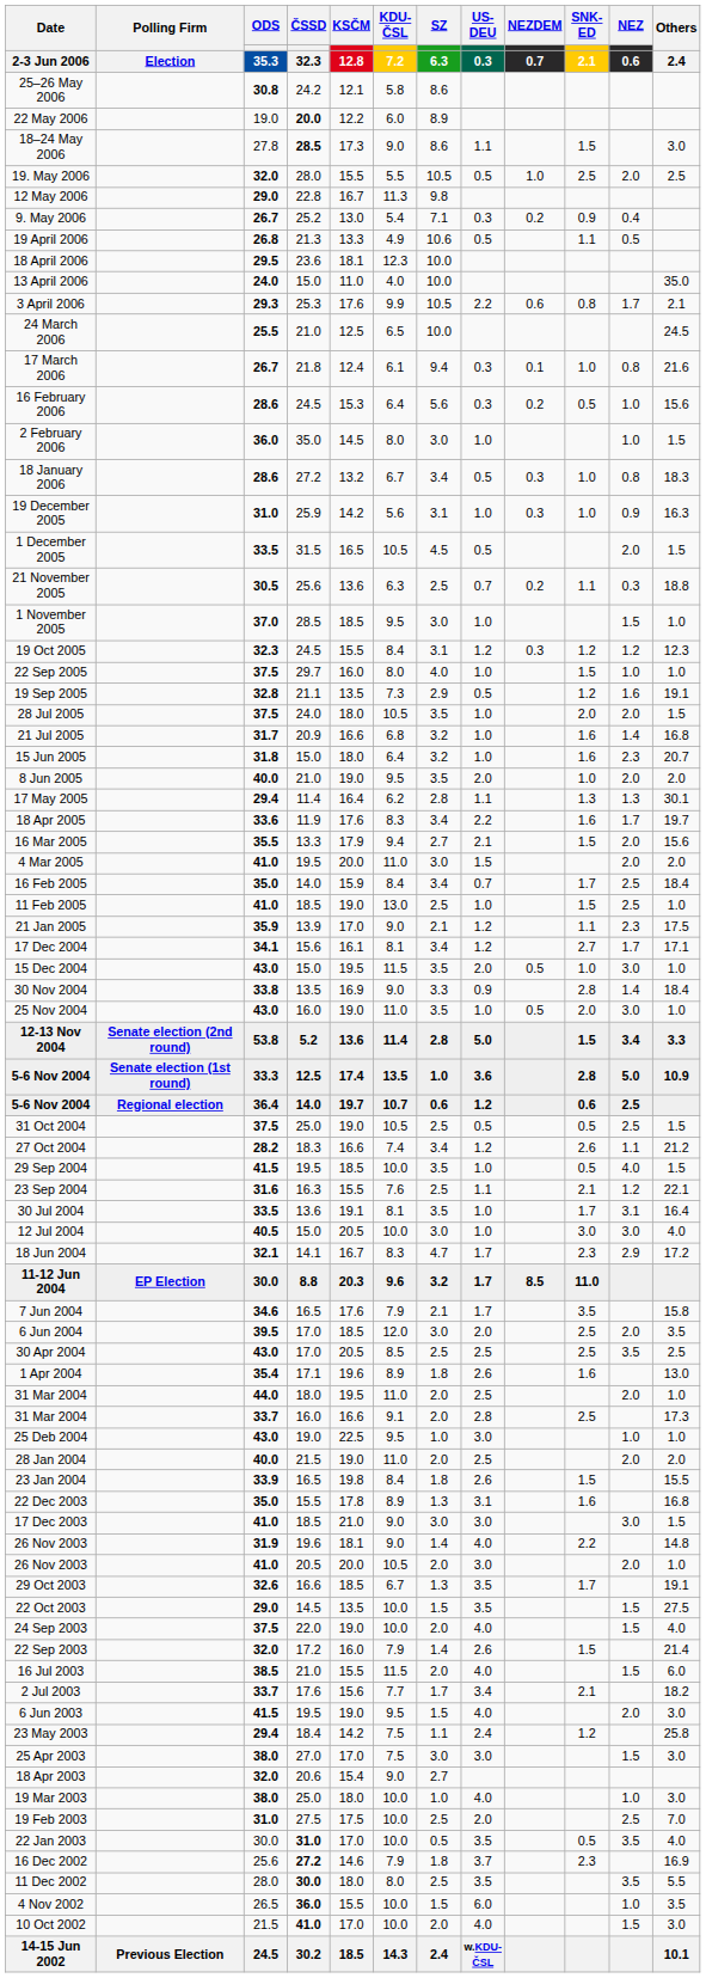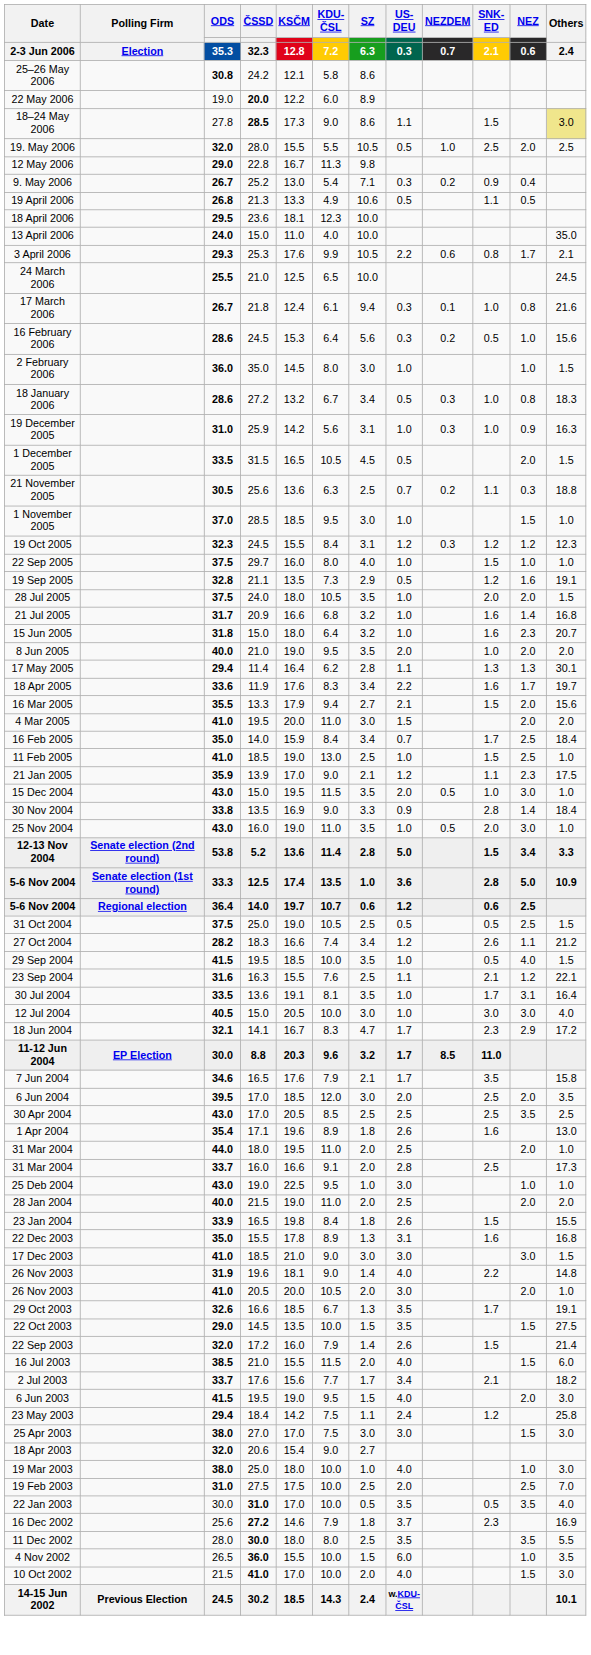 <table class="wikitable" style="text-align:center; font-size:85%; line-height:16px;">
 <tr style="height:42px;">
 <th style="width:90px;" rowspan="2">Date</th>
 <th style="width:150px;" rowspan="2">Polling Firm</th>
 <th><a href='#'><span>ODS</span></a></th>
 <th><a href='#'><span>ČSSD</span></a></th>
 <th><a href='#'><span>KSČM</span></a></th>
 <th><a href='#'><span>KDU-ČSL</span></a></th>
 <th><a href='#'><span>SZ</span></a></th>
 <th><a href='#'><span>US-DEU</span></a></th>
 <th><a href='#'><span>NEZDEM</span></a></th>
 <th><a href='#'><span>SNK-ED</span></a></th>
 <th><a href='#'><span>NEZ</span></a></th>
 <th style="width:40px;" rowspan="2">Others</th>
 </tr>
 <tr>
 <th class="unsortable" style="color:inherit;background:"></th>
 <th class="unsortable" style="color:inherit;background:"></th>
 <th style="color:inherit;background:#E00219; width:40px;"></th>
 <th style="color:inherit;background:#FFCB03; width:40px;"></th>
 <th style="color:inherit;background:#179E1E; width:40px;"></th>
 <th style="color:inherit;background:#00654E; width:40px;"></th>
 <th style="color:inherit;background:#292829; width:40px;"></th>
 <th style="color:inherit;background:#FFCB03; width:40px;"></th>
 <th style="color:inherit;background:#292829; width:40px;"></th>
 </tr>
 <tr>
 <th><strong>2-3 Jun 2006</strong></th>
 <th><strong><a href='#'>Election</a></strong></th>
 <th style="background:#034EA2; width:40px;color:white;"><strong>35.3</strong></th>
 <th style="background:">32.3</th>
 <th style="background:#E00219; width:40px;color:white;">12.8</th>
 <th style="background:#FFCB03; width:40px;color:white;">7.2</th>
 <th style="background:#179E1E; width:40px;color:white;">6.3</th>
 <th style="background:#00654E; width:40px;color:white;">0.3</th>
 <th style="background:#292829; width:40px;color:white;">0.7</th>
 <th style="background:#FFCB03; width:40px;color:white;">2.1</th>
 <th style="background:#292829; width:40px;color:white;">0.6</th>
 <th>2.4</th>
 </tr>
 <tr>
 <td>25–26 May 2006</td>
 <td></td>
 <td><strong>30.8</strong></td>
 <td>24.2</td>
 <td>12.1</td>
 <td>5.8</td>
 <td>8.6</td>
 <td></td>
 <td></td>
 <td></td>
 <td></td>
 <td></td>
 </tr>
 <tr>
 <td>22 May 2006</td>
 <td></td>
 <td>19.0</td>
 <td><strong>20.0</strong></td>
 <td>12.2</td>
 <td>6.0</td>
 <td>8.9</td>
 <td></td>
 <td></td>
 <td></td>
 <td></td>
 <td></td>
 </tr>
 <tr>
 <td>18–24 May 2006</td>
 <td></td>
 <td>27.8</td>
 <td><strong>28.5</strong></td>
 <td>17.3</td>
 <td>9.0</td>
 <td>8.6</td>
 <td>1.1</td>
 <td></td>
 <td>1.5</td>
 <td></td>
-<td>3.0</td>
+<td style="background: khaki;">3.0</td>
 </tr>
 <tr>
 <td>19. May 2006</td>
 <td></td>
 <td><strong>32.0</strong></td>
 <td>28.0</td>
 <td>15.5</td>
 <td>5.5</td>
 <td>10.5</td>
 <td>0.5</td>
 <td>1.0</td>
 <td>2.5</td>
 <td>2.0</td>
 <td>2.5</td>
 </tr>
 <tr>
 <td>12 May 2006</td>
 <td></td>
 <td><strong>29.0</strong></td>
 <td>22.8</td>
 <td>16.7</td>
 <td>11.3</td>
 <td>9.8</td>
 <td></td>
 <td></td>
 <td></td>
 <td></td>
 <td></td>
 </tr>
 <tr>
 <td>9. May 2006</td>
 <td></td>
 <td><strong>26.7</strong></td>
 <td>25.2</td>
 <td>13.0</td>
 <td>5.4</td>
 <td>7.1</td>
 <td>0.3</td>
 <td>0.2</td>
 <td>0.9</td>
 <td>0.4</td>
 <td></td>
 </tr>
 <tr>
 <td>19 April 2006</td>
 <td></td>
 <td><strong>26.8</strong></td>
 <td>21.3</td>
 <td>13.3</td>
 <td>4.9</td>
 <td>10.6</td>
 <td>0.5</td>
 <td></td>
 <td>1.1</td>
 <td>0.5</td>
 <td></td>
 </tr>
 <tr>
 <td>18 April 2006</td>
 <td></td>
 <td><strong>29.5</strong></td>
 <td>23.6</td>
 <td>18.1</td>
 <td>12.3</td>
 <td>10.0</td>
 <td></td>
 <td></td>
 <td></td>
 <td></td>
 <td></td>
 </tr>
 <tr>
 <td>13 April 2006</td>
 <td></td>
 <td><strong>24.0</strong></td>
 <td>15.0</td>
 <td>11.0</td>
 <td>4.0</td>
 <td>10.0</td>
 <td></td>
 <td></td>
 <td></td>
 <td></td>
 <td>35.0</td>
 </tr>
 <tr>
 <td>3 April 2006</td>
 <td></td>
 <td><strong>29.3</strong></td>
 <td>25.3</td>
 <td>17.6</td>
 <td>9.9</td>
 <td>10.5</td>
 <td>2.2</td>
 <td>0.6</td>
 <td>0.8</td>
 <td>1.7</td>
 <td>2.1</td>
 </tr>
 <tr>
 <td>24 March 2006</td>
 <td></td>
 <td><strong>25.5</strong></td>
 <td>21.0</td>
 <td>12.5</td>
 <td>6.5</td>
 <td>10.0</td>
 <td></td>
 <td></td>
 <td></td>
 <td></td>
 <td>24.5</td>
 </tr>
 <tr>
 <td>17 March 2006</td>
 <td></td>
 <td><strong>26.7</strong></td>
 <td>21.8</td>
 <td>12.4</td>
 <td>6.1</td>
 <td>9.4</td>
 <td>0.3</td>
 <td>0.1</td>
 <td>1.0</td>
 <td>0.8</td>
 <td>21.6</td>
 </tr>
 <tr>
 <td>16 February 2006</td>
 <td></td>
 <td><strong>28.6</strong></td>
 <td>24.5</td>
 <td>15.3</td>
 <td>6.4</td>
 <td>5.6</td>
 <td>0.3</td>
 <td>0.2</td>
 <td>0.5</td>
 <td>1.0</td>
 <td>15.6</td>
 </tr>
 <tr>
 <td>2 February 2006</td>
 <td></td>
 <td><strong>36.0</strong></td>
 <td>35.0</td>
 <td>14.5</td>
 <td>8.0</td>
 <td>3.0</td>
 <td>1.0</td>
 <td></td>
 <td></td>
 <td>1.0</td>
 <td>1.5</td>
 </tr>
 <tr>
 <td>18 January 2006</td>
 <td></td>
 <td><strong>28.6</strong></td>
 <td>27.2</td>
 <td>13.2</td>
 <td>6.7</td>
 <td>3.4</td>
 <td>0.5</td>
 <td>0.3</td>
 <td>1.0</td>
 <td>0.8</td>
 <td>18.3</td>
 </tr>
 <tr>
 <td>19 December 2005</td>
 <td></td>
 <td><strong>31.0</strong></td>
 <td>25.9</td>
 <td>14.2</td>
 <td>5.6</td>
 <td>3.1</td>
 <td>1.0</td>
 <td>0.3</td>
 <td>1.0</td>
 <td>0.9</td>
 <td>16.3</td>
 </tr>
 <tr>
 <td>1 December 2005</td>
 <td></td>
 <td><strong>33.5</strong></td>
 <td>31.5</td>
 <td>16.5</td>
 <td>10.5</td>
 <td>4.5</td>
 <td>0.5</td>
 <td></td>
 <td></td>
 <td>2.0</td>
 <td>1.5</td>
 </tr>
 <tr>
 <td>21 November 2005</td>
 <td></td>
 <td><strong>30.5</strong></td>
 <td>25.6</td>
 <td>13.6</td>
 <td>6.3</td>
 <td>2.5</td>
 <td>0.7</td>
 <td>0.2</td>
 <td>1.1</td>
 <td>0.3</td>
 <td>18.8</td>
 </tr>
 <tr>
 <td>1 November 2005</td>
 <td></td>
 <td><strong>37.0</strong></td>
 <td>28.5</td>
 <td>18.5</td>
 <td>9.5</td>
 <td>3.0</td>
 <td>1.0</td>
 <td></td>
 <td></td>
 <td>1.5</td>
 <td>1.0</td>
 </tr>
 <tr>
 <td>19 Oct 2005</td>
 <td></td>
 <td><strong>32.3</strong></td>
 <td>24.5</td>
 <td>15.5</td>
 <td>8.4</td>
 <td>3.1</td>
 <td>1.2</td>
 <td>0.3</td>
 <td>1.2</td>
 <td>1.2</td>
 <td>12.3</td>
 </tr>
 <tr>
 <td>22 Sep 2005</td>
 <td></td>
 <td><strong>37.5</strong></td>
 <td>29.7</td>
 <td>16.0</td>
 <td>8.0</td>
 <td>4.0</td>
 <td>1.0</td>
 <td></td>
 <td>1.5</td>
 <td>1.0</td>
 <td>1.0</td>
 </tr>
 <tr>
 <td>19 Sep 2005</td>
 <td></td>
 <td><strong>32.8</strong></td>
 <td>21.1</td>
 <td>13.5</td>
 <td>7.3</td>
 <td>2.9</td>
 <td>0.5</td>
 <td></td>
 <td>1.2</td>
 <td>1.6</td>
 <td>19.1</td>
 </tr>
 <tr>
 <td>28 Jul 2005</td>
 <td></td>
 <td><strong>37.5</strong></td>
 <td>24.0</td>
 <td>18.0</td>
 <td>10.5</td>
 <td>3.5</td>
 <td>1.0</td>
 <td></td>
 <td>2.0</td>
 <td>2.0</td>
 <td>1.5</td>
 </tr>
 <tr>
 <td>21 Jul 2005</td>
 <td></td>
 <td><strong>31.7</strong></td>
 <td>20.9</td>
 <td>16.6</td>
 <td>6.8</td>
 <td>3.2</td>
 <td>1.0</td>
 <td></td>
 <td>1.6</td>
 <td>1.4</td>
 <td>16.8</td>
 </tr>
 <tr>
 <td>15 Jun 2005</td>
 <td></td>
 <td><strong>31.8</strong></td>
 <td>15.0</td>
 <td>18.0</td>
 <td>6.4</td>
 <td>3.2</td>
 <td>1.0</td>
 <td></td>
 <td>1.6</td>
 <td>2.3</td>
 <td>20.7</td>
 </tr>
 <tr>
 <td>8 Jun 2005</td>
 <td></td>
 <td><strong>40.0</strong></td>
 <td>21.0</td>
 <td>19.0</td>
 <td>9.5</td>
 <td>3.5</td>
 <td>2.0</td>
 <td></td>
 <td>1.0</td>
 <td>2.0</td>
 <td>2.0</td>
 </tr>
 <tr>
 <td>17 May 2005</td>
 <td></td>
 <td><strong>29.4</strong></td>
 <td>11.4</td>
 <td>16.4</td>
 <td>6.2</td>
 <td>2.8</td>
 <td>1.1</td>
 <td></td>
 <td>1.3</td>
 <td>1.3</td>
 <td>30.1</td>
 </tr>
 <tr>
 <td>18 Apr 2005</td>
 <td></td>
 <td><strong>33.6</strong></td>
 <td>11.9</td>
 <td>17.6</td>
 <td>8.3</td>
 <td>3.4</td>
 <td>2.2</td>
 <td></td>
 <td>1.6</td>
 <td>1.7</td>
 <td>19.7</td>
 </tr>
 <tr>
 <td>16 Mar 2005</td>
 <td></td>
 <td><strong>35.5</strong></td>
 <td>13.3</td>
 <td>17.9</td>
 <td>9.4</td>
 <td>2.7</td>
 <td>2.1</td>
 <td></td>
 <td>1.5</td>
 <td>2.0</td>
 <td>15.6</td>
 </tr>
 <tr>
 <td>4 Mar 2005</td>
 <td></td>
 <td><strong>41.0</strong></td>
 <td>19.5</td>
 <td>20.0</td>
 <td>11.0</td>
 <td>3.0</td>
 <td>1.5</td>
 <td></td>
 <td></td>
 <td>2.0</td>
 <td>2.0</td>
 </tr>
 <tr>
 <td>16 Feb 2005</td>
 <td></td>
 <td><strong>35.0</strong></td>
 <td>14.0</td>
 <td>15.9</td>
 <td>8.4</td>
 <td>3.4</td>
 <td>0.7</td>
 <td></td>
 <td>1.7</td>
 <td>2.5</td>
 <td>18.4</td>
 </tr>
 <tr>
 <td>11 Feb 2005</td>
 <td></td>
 <td><strong>41.0</strong></td>
 <td>18.5</td>
 <td>19.0</td>
 <td>13.0</td>
 <td>2.5</td>
 <td>1.0</td>
 <td></td>
 <td>1.5</td>
 <td>2.5</td>
 <td>1.0</td>
 </tr>
 <tr>
 <td>21 Jan 2005</td>
 <td></td>
 <td><strong>35.9</strong></td>
 <td>13.9</td>
 <td>17.0</td>
 <td>9.0</td>
 <td>2.1</td>
 <td>1.2</td>
 <td></td>
 <td>1.1</td>
 <td>2.3</td>
 <td>17.5</td>
 </tr>
 <tr>
-<td>17 Dec 2004</td>
-<td></td>
-<td><strong>34.1</strong></td>
-<td>15.6</td>
-<td>16.1</td>
-<td>8.1</td>
-<td>3.4</td>
-<td>1.2</td>
-<td></td>
-<td>2.7</td>
-<td>1.7</td>
-<td>17.1</td>
-</tr>
-<tr>
 <td>15 Dec 2004</td>
 <td></td>
 <td><strong>43.0</strong></td>
 <td>15.0</td>
 <td>19.5</td>
 <td>11.5</td>
 <td>3.5</td>
 <td>2.0</td>
 <td>0.5</td>
 <td>1.0</td>
 <td>3.0</td>
 <td>1.0</td>
 </tr>
 <tr>
 <td>30 Nov 2004</td>
 <td></td>
 <td><strong>33.8</strong></td>
 <td>13.5</td>
 <td>16.9</td>
 <td>9.0</td>
 <td>3.3</td>
 <td>0.9</td>
 <td></td>
 <td>2.8</td>
 <td>1.4</td>
 <td>18.4</td>
 </tr>
 <tr>
 <td>25 Nov 2004</td>
 <td></td>
 <td><strong>43.0</strong></td>
 <td>16.0</td>
 <td>19.0</td>
 <td>11.0</td>
 <td>3.5</td>
 <td>1.0</td>
 <td>0.5</td>
 <td>2.0</td>
 <td>3.0</td>
 <td>1.0</td>
 </tr>
 <tr style="background:#EFEFEF; font-weight:bold;">
 <td>12-13 Nov 2004</td>
 <td><a href='#'>Senate election (2nd round)</a></td>
 <td><strong>53.8</strong></td>
 <td>5.2</td>
 <td>13.6</td>
 <td>11.4</td>
 <td>2.8</td>
 <td>5.0</td>
 <td></td>
 <td>1.5</td>
 <td>3.4</td>
 <td>3.3</td>
 </tr>
 <tr style="background:#EFEFEF; font-weight:bold;">
 <td>5-6 Nov 2004</td>
 <td><a href='#'>Senate election (1st round)</a></td>
 <td><strong>33.3</strong></td>
 <td>12.5</td>
 <td>17.4</td>
 <td>13.5</td>
 <td>1.0</td>
 <td>3.6</td>
 <td></td>
 <td>2.8</td>
 <td>5.0</td>
 <td>10.9</td>
 </tr>
 <tr style="background:#EFEFEF; font-weight:bold;">
 <td>5-6 Nov 2004</td>
 <td><a href='#'>Regional election</a></td>
 <td><strong>36.4</strong></td>
 <td>14.0</td>
 <td>19.7</td>
 <td>10.7</td>
 <td>0.6</td>
 <td>1.2</td>
 <td></td>
 <td>0.6</td>
 <td>2.5</td>
 <td></td>
 </tr>
 <tr>
 <td>31 Oct 2004</td>
 <td></td>
 <td><strong>37.5</strong></td>
 <td>25.0</td>
 <td>19.0</td>
 <td>10.5</td>
 <td>2.5</td>
 <td>0.5</td>
 <td></td>
 <td>0.5</td>
 <td>2.5</td>
 <td>1.5</td>
 </tr>
 <tr>
 <td>27 Oct 2004</td>
 <td></td>
 <td><strong>28.2</strong></td>
 <td>18.3</td>
 <td>16.6</td>
 <td>7.4</td>
 <td>3.4</td>
 <td>1.2</td>
 <td></td>
 <td>2.6</td>
 <td>1.1</td>
 <td>21.2</td>
 </tr>
 <tr>
 <td>29 Sep 2004</td>
 <td></td>
 <td><strong>41.5</strong></td>
 <td>19.5</td>
 <td>18.5</td>
 <td>10.0</td>
 <td>3.5</td>
 <td>1.0</td>
 <td></td>
 <td>0.5</td>
 <td>4.0</td>
 <td>1.5</td>
 </tr>
 <tr>
 <td>23 Sep 2004</td>
 <td></td>
 <td><strong>31.6</strong></td>
 <td>16.3</td>
 <td>15.5</td>
 <td>7.6</td>
 <td>2.5</td>
 <td>1.1</td>
 <td></td>
 <td>2.1</td>
 <td>1.2</td>
 <td>22.1</td>
 </tr>
 <tr>
 <td>30 Jul 2004</td>
 <td></td>
 <td><strong>33.5</strong></td>
 <td>13.6</td>
 <td>19.1</td>
 <td>8.1</td>
 <td>3.5</td>
 <td>1.0</td>
 <td></td>
 <td>1.7</td>
 <td>3.1</td>
 <td>16.4</td>
 </tr>
 <tr>
 <td>12 Jul 2004</td>
 <td></td>
 <td><strong>40.5</strong></td>
 <td>15.0</td>
 <td>20.5</td>
 <td>10.0</td>
 <td>3.0</td>
 <td>1.0</td>
 <td></td>
 <td>3.0</td>
 <td>3.0</td>
 <td>4.0</td>
 </tr>
 <tr>
 <td>18 Jun 2004</td>
 <td></td>
 <td><strong>32.1</strong></td>
 <td>14.1</td>
 <td>16.7</td>
 <td>8.3</td>
 <td>4.7</td>
 <td>1.7</td>
 <td></td>
 <td>2.3</td>
 <td>2.9</td>
 <td>17.2</td>
 </tr>
 <tr style="background:#EFEFEF; font-weight:bold;">
 <td>11-12 Jun 2004</td>
 <td><a href='#'>EP Election</a></td>
 <td><strong>30.0</strong></td>
 <td>8.8</td>
 <td>20.3</td>
 <td>9.6</td>
 <td>3.2</td>
 <td>1.7</td>
 <td>8.5</td>
 <td>11.0</td>
 <td></td>
 <td></td>
 </tr>
 <tr>
 <td>7 Jun 2004</td>
 <td></td>
 <td><strong>34.6</strong></td>
 <td>16.5</td>
 <td>17.6</td>
 <td>7.9</td>
 <td>2.1</td>
 <td>1.7</td>
 <td></td>
 <td>3.5</td>
 <td></td>
 <td>15.8</td>
 </tr>
 <tr>
 <td>6 Jun 2004</td>
 <td></td>
 <td><strong>39.5</strong></td>
 <td>17.0</td>
 <td>18.5</td>
 <td>12.0</td>
 <td>3.0</td>
 <td>2.0</td>
 <td></td>
 <td>2.5</td>
 <td>2.0</td>
 <td>3.5</td>
 </tr>
 <tr>
 <td>30 Apr 2004</td>
 <td></td>
 <td><strong>43.0</strong></td>
 <td>17.0</td>
 <td>20.5</td>
 <td>8.5</td>
 <td>2.5</td>
 <td>2.5</td>
 <td></td>
 <td>2.5</td>
 <td>3.5</td>
 <td>2.5</td>
 </tr>
 <tr>
 <td>1 Apr 2004</td>
 <td></td>
 <td><strong>35.4</strong></td>
 <td>17.1</td>
 <td>19.6</td>
 <td>8.9</td>
 <td>1.8</td>
 <td>2.6</td>
 <td></td>
 <td>1.6</td>
 <td></td>
 <td>13.0</td>
 </tr>
 <tr>
 <td>31 Mar 2004</td>
 <td></td>
 <td><strong>44.0</strong></td>
 <td>18.0</td>
 <td>19.5</td>
 <td>11.0</td>
 <td>2.0</td>
 <td>2.5</td>
 <td></td>
 <td></td>
 <td>2.0</td>
 <td>1.0</td>
 </tr>
 <tr>
 <td>31 Mar 2004</td>
 <td></td>
 <td><strong>33.7</strong></td>
 <td>16.0</td>
 <td>16.6</td>
 <td>9.1</td>
 <td>2.0</td>
 <td>2.8</td>
 <td></td>
 <td>2.5</td>
 <td></td>
 <td>17.3</td>
 </tr>
 <tr>
 <td>25 Deb 2004</td>
 <td></td>
 <td><strong>43.0</strong></td>
 <td>19.0</td>
 <td>22.5</td>
 <td>9.5</td>
 <td>1.0</td>
 <td>3.0</td>
 <td></td>
 <td></td>
 <td>1.0</td>
 <td>1.0</td>
 </tr>
 <tr>
 <td>28 Jan 2004</td>
 <td></td>
 <td><strong>40.0</strong></td>
 <td>21.5</td>
 <td>19.0</td>
 <td>11.0</td>
 <td>2.0</td>
 <td>2.5</td>
 <td></td>
 <td></td>
 <td>2.0</td>
 <td>2.0</td>
 </tr>
 <tr>
 <td>23 Jan 2004</td>
 <td></td>
 <td><strong>33.9</strong></td>
 <td>16.5</td>
 <td>19.8</td>
 <td>8.4</td>
 <td>1.8</td>
 <td>2.6</td>
 <td></td>
 <td>1.5</td>
 <td></td>
 <td>15.5</td>
 </tr>
 <tr>
 <td>22 Dec 2003</td>
 <td></td>
 <td><strong>35.0</strong></td>
 <td>15.5</td>
 <td>17.8</td>
 <td>8.9</td>
 <td>1.3</td>
 <td>3.1</td>
 <td></td>
 <td>1.6</td>
 <td></td>
 <td>16.8</td>
 </tr>
 <tr>
 <td>17 Dec 2003</td>
 <td></td>
 <td><strong>41.0</strong></td>
 <td>18.5</td>
 <td>21.0</td>
 <td>9.0</td>
 <td>3.0</td>
 <td>3.0</td>
 <td></td>
 <td></td>
 <td>3.0</td>
 <td>1.5</td>
 </tr>
 <tr>
 <td>26 Nov 2003</td>
 <td></td>
 <td><strong>31.9</strong></td>
 <td>19.6</td>
 <td>18.1</td>
 <td>9.0</td>
 <td>1.4</td>
 <td>4.0</td>
 <td></td>
 <td>2.2</td>
 <td></td>
 <td>14.8</td>
 </tr>
 <tr>
 <td>26 Nov 2003</td>
 <td></td>
 <td><strong>41.0</strong></td>
 <td>20.5</td>
 <td>20.0</td>
 <td>10.5</td>
 <td>2.0</td>
 <td>3.0</td>
 <td></td>
 <td></td>
 <td>2.0</td>
 <td>1.0</td>
 </tr>
 <tr>
 <td>29 Oct 2003</td>
 <td></td>
 <td><strong>32.6</strong></td>
 <td>16.6</td>
 <td>18.5</td>
 <td>6.7</td>
 <td>1.3</td>
 <td>3.5</td>
 <td></td>
 <td>1.7</td>
 <td></td>
 <td>19.1</td>
 </tr>
 <tr>
 <td>22 Oct 2003</td>
 <td></td>
 <td><strong>29.0</strong></td>
 <td>14.5</td>
 <td>13.5</td>
 <td>10.0</td>
 <td>1.5</td>
 <td>3.5</td>
 <td></td>
 <td></td>
 <td>1.5</td>
 <td>27.5</td>
 </tr>
 <tr>
-<td>24 Sep 2003</td>
-<td></td>
-<td><strong>37.5</strong></td>
-<td>22.0</td>
-<td>19.0</td>
-<td>10.0</td>
-<td>2.0</td>
-<td>4.0</td>
-<td></td>
-<td></td>
-<td>1.5</td>
-<td>4.0</td>
-</tr>
-<tr>
 <td>22 Sep 2003</td>
 <td></td>
 <td><strong>32.0</strong></td>
 <td>17.2</td>
 <td>16.0</td>
 <td>7.9</td>
 <td>1.4</td>
 <td>2.6</td>
 <td></td>
 <td>1.5</td>
 <td></td>
 <td>21.4</td>
 </tr>
 <tr>
 <td>16 Jul 2003</td>
 <td></td>
 <td><strong>38.5</strong></td>
 <td>21.0</td>
 <td>15.5</td>
 <td>11.5</td>
 <td>2.0</td>
 <td>4.0</td>
 <td></td>
 <td></td>
 <td>1.5</td>
 <td>6.0</td>
 </tr>
 <tr>
 <td>2 Jul 2003</td>
 <td></td>
 <td><strong>33.7</strong></td>
 <td>17.6</td>
 <td>15.6</td>
 <td>7.7</td>
 <td>1.7</td>
 <td>3.4</td>
 <td></td>
 <td>2.1</td>
 <td></td>
 <td>18.2</td>
 </tr>
 <tr>
 <td>6 Jun 2003</td>
 <td></td>
 <td><strong>41.5</strong></td>
 <td>19.5</td>
 <td>19.0</td>
 <td>9.5</td>
 <td>1.5</td>
 <td>4.0</td>
 <td></td>
 <td></td>
 <td>2.0</td>
 <td>3.0</td>
 </tr>
 <tr>
 <td>23 May 2003</td>
 <td></td>
 <td><strong>29.4</strong></td>
 <td>18.4</td>
 <td>14.2</td>
 <td>7.5</td>
 <td>1.1</td>
 <td>2.4</td>
 <td></td>
 <td>1.2</td>
 <td></td>
 <td>25.8</td>
 </tr>
 <tr>
 <td>25 Apr 2003</td>
 <td></td>
 <td><strong>38.0</strong></td>
 <td>27.0</td>
 <td>17.0</td>
 <td>7.5</td>
 <td>3.0</td>
 <td>3.0</td>
 <td></td>
 <td></td>
 <td>1.5</td>
 <td>3.0</td>
 </tr>
 <tr>
 <td>18 Apr 2003</td>
 <td></td>
 <td><strong>32.0</strong></td>
 <td>20.6</td>
 <td>15.4</td>
 <td>9.0</td>
 <td>2.7</td>
 <td></td>
 <td></td>
 <td></td>
 <td></td>
 </tr>
 <tr>
 <td>19 Mar 2003</td>
 <td></td>
 <td><strong>38.0</strong></td>
 <td>25.0</td>
 <td>18.0</td>
 <td>10.0</td>
 <td>1.0</td>
 <td>4.0</td>
 <td></td>
 <td></td>
 <td>1.0</td>
 <td>3.0</td>
 </tr>
 <tr>
 <td>19 Feb 2003</td>
 <td></td>
 <td><strong>31.0</strong></td>
 <td>27.5</td>
 <td>17.5</td>
 <td>10.0</td>
 <td>2.5</td>
 <td>2.0</td>
 <td></td>
 <td></td>
 <td>2.5</td>
 <td>7.0</td>
 </tr>
 <tr>
 <td>22 Jan 2003</td>
 <td></td>
 <td>30.0</td>
 <td><strong>31.0</strong></td>
 <td>17.0</td>
 <td>10.0</td>
 <td>0.5</td>
 <td>3.5</td>
 <td></td>
 <td>0.5</td>
 <td>3.5</td>
 <td>4.0</td>
 </tr>
 <tr>
 <td>16 Dec 2002</td>
 <td></td>
 <td>25.6</td>
 <td><strong>27.2</strong></td>
 <td>14.6</td>
 <td>7.9</td>
 <td>1.8</td>
 <td>3.7</td>
 <td></td>
 <td>2.3</td>
 <td></td>
 <td>16.9</td>
 </tr>
 <tr>
 <td>11 Dec 2002</td>
 <td></td>
 <td>28.0</td>
 <td><strong>30.0</strong></td>
 <td>18.0</td>
 <td>8.0</td>
 <td>2.5</td>
 <td>3.5</td>
 <td></td>
 <td></td>
 <td>3.5</td>
 <td>5.5</td>
 </tr>
 <tr>
 <td>4 Nov 2002</td>
 <td></td>
 <td>26.5</td>
 <td><strong>36.0</strong></td>
 <td>15.5</td>
 <td>10.0</td>
 <td>1.5</td>
 <td>6.0</td>
 <td></td>
 <td></td>
 <td>1.0</td>
 <td>3.5</td>
 </tr>
 <tr>
 <td>10 Oct 2002</td>
 <td></td>
 <td>21.5</td>
 <td><strong>41.0</strong></td>
 <td>17.0</td>
 <td>10.0</td>
 <td>2.0</td>
 <td>4.0</td>
 <td></td>
 <td></td>
 <td>1.5</td>
 <td>3.0</td>
 </tr>
 <tr>
 <th>14-15 Jun 2002</th>
 <th>Previous Election</th>
 <th>24.5</th>
 <th>30.2</th>
 <th>18.5</th>
 <th>14.3</th>
 <th>2.4</th>
 <th><small>w.<a href='#'>KDU-ČSL</a></small></th>
 <th></th>
 <th></th>
 <th></th>
 <th>10.1</th>
 </tr>
 </table>
